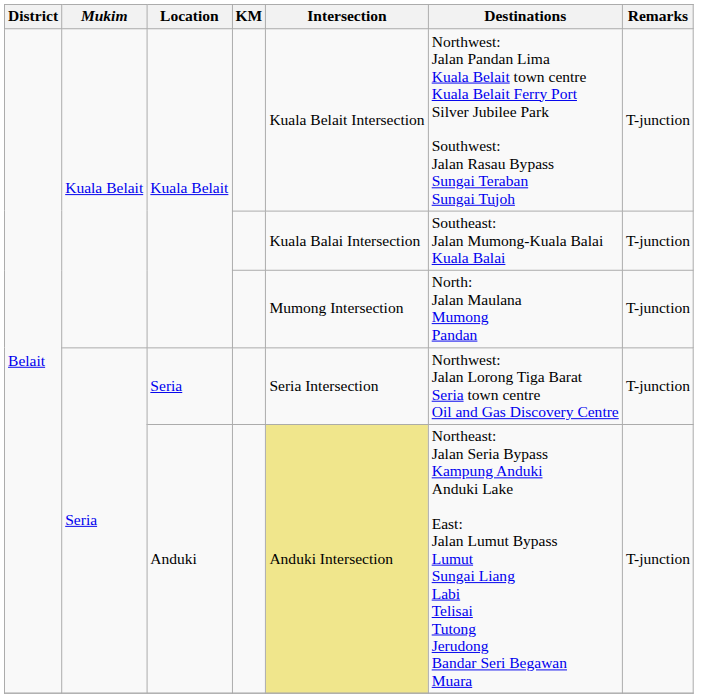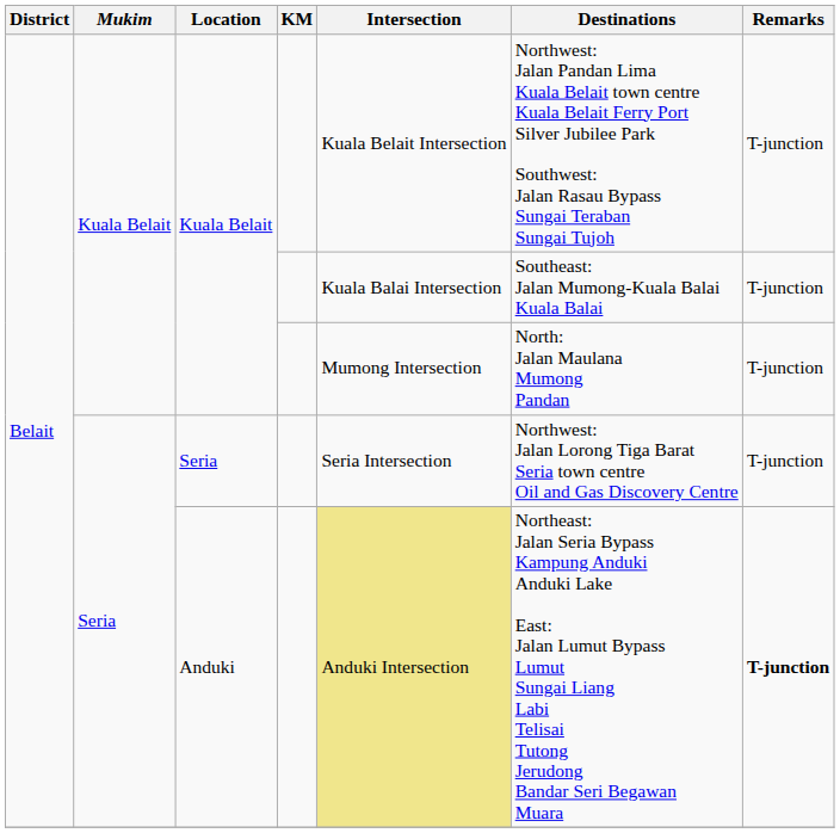 <table class="wikitable">
 <tr>
 <th>District</th>
 <th><em>Mukim</em></th>
 <th>Location</th>
 <th>KM</th>
 <th>Intersection</th>
 <th>Destinations</th>
 <th>Remarks</th>
 </tr>
 <tr>
 <td rowspan="5"><a href='#'>Belait</a></td>
 <td rowspan="3"><a href='#'>Kuala Belait</a></td>
 <td rowspan="3"><a href='#'>Kuala Belait</a></td>
 <td></td>
 <td>Kuala Belait Intersection</td>
 <td>Northwest:<br>Jalan Pandan Lima<br><a href='#'>Kuala Belait</a> town centre<br><a href='#'>Kuala Belait Ferry Port</a><br>Silver Jubilee Park<br><br>Southwest:<br> Jalan Rasau Bypass<br><a href='#'>Sungai Teraban</a><br><a href='#'>Sungai Tujoh</a></td>
 <td>T-junction</td>
 </tr>
 <tr>
 <td></td>
 <td>Kuala Balai Intersection</td>
 <td>Southeast:<br>Jalan Mumong-Kuala Balai<br><a href='#'>Kuala Balai</a></td>
 <td>T-junction</td>
 </tr>
 <tr>
 <td></td>
 <td>Mumong Intersection</td>
 <td>North:<br>Jalan Maulana<br><a href='#'>Mumong</a><br><a href='#'>Pandan</a></td>
 <td>T-junction</td>
 </tr>
 <tr>
 <td rowspan="2"><a href='#'>Seria</a></td>
 <td><a href='#'>Seria</a></td>
 <td></td>
 <td>Seria Intersection</td>
 <td>Northwest:<br>Jalan Lorong Tiga Barat<br><a href='#'>Seria</a> town centre<br><a href='#'>Oil and Gas Discovery Centre</a></td>
 <td>T-junction</td>
 </tr>
 <tr>
 <td>Anduki</td>
 <td></td>
 <td style="background: khaki;">Anduki Intersection</td>
 <td>Northeast:<br>Jalan Seria Bypass<br><a href='#'>Kampung Anduki</a><br>Anduki Lake<br><br>East:<br> Jalan Lumut Bypass<br><a href='#'>Lumut</a><br><a href='#'>Sungai Liang</a><br><a href='#'>Labi</a><br><a href='#'>Telisai</a><br><a href='#'>Tutong</a><br><a href='#'>Jerudong</a><br><a href='#'>Bandar Seri Begawan</a><br><a href='#'>Muara</a></td>
-<td>T-junction</td>
+<td><strong>T-junction</strong></td>
 </tr>
 <tr>
 </tr>
 </table>
